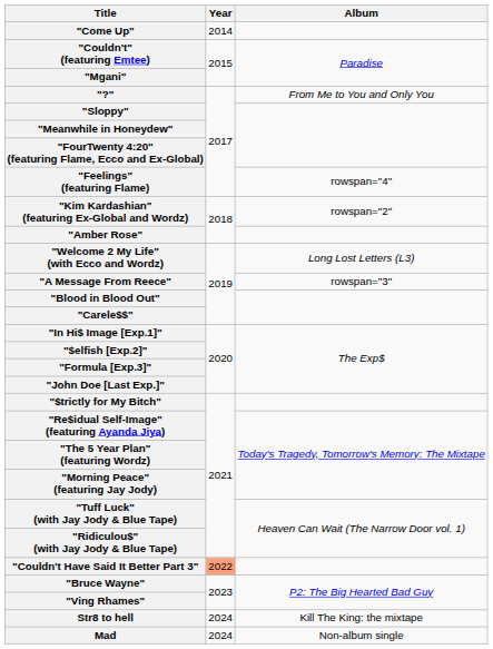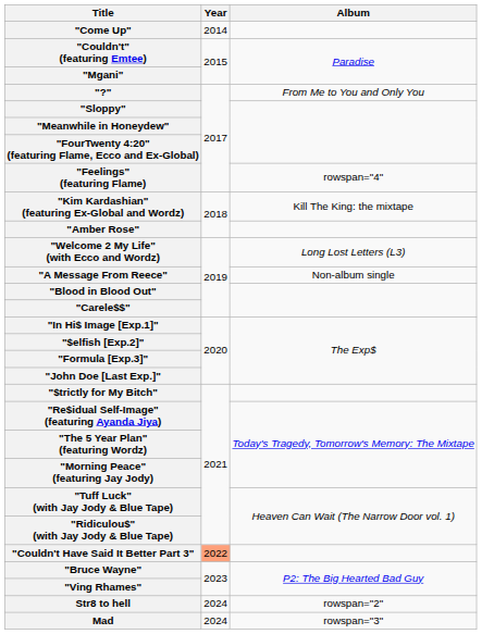 <table class="wikitable plainrowheaders" style="text-align:center;">
 <tr>
 <th scope="col">Title</th>
 <th scope="col">Year</th>
 <th scope="col">Album</th>
 </tr>
 <tr>
 <th scope="row">"Come Up"</th>
 <td>2014</td>
 <td></td>
 </tr>
 <tr>
 <th scope="row">"Couldn't"<br>(featuring <a href='#'>Emtee</a>)</th>
 <td rowspan="2">2015</td>
 <td rowspan="2"><em><a href='#'>Paradise</a></em></td>
 </tr>
 <tr>
 <th scope="row">"Mgani"</th>
 </tr>
 <tr>
 <th scope="row">"?"</th>
 <td rowspan="5">2017</td>
 <td><em>From Me to You and Only You</em></td>
 </tr>
 <tr>
 <th scope="row">"Sloppy"</th>
 </tr>
 <tr>
 <th scope="row">"Meanwhile in Honeydew"</th>
 </tr>
 <tr>
 <th scope="row">"FourTwenty 4:20"<br>(featuring Flame, Ecco and Ex-Global)</th>
 </tr>
 <tr>
 <th scope="row">"Feelings"<br>(featuring Flame)</th>
 <td>rowspan="4" </td>
 </tr>
 <tr>
 <th scope="row">"Kim Kardashian"<br>(featuring Ex-Global and Wordz)</th>
 <td rowspan="2">2018</td>
-<td>rowspan="2" </td>
+<td>Kill The King: the mixtape</td>
 </tr>
 <tr>
 <th scope="row">"Amber Rose"</th>
 </tr>
 <tr>
 <th scope="row">"Welcome 2 My Life"<br>(with Ecco and Wordz)</th>
 <td rowspan="4">2019</td>
 <td><em>Long Lost Letters (L3)</em></td>
 </tr>
 <tr>
 <th scope="row">"A Message From Reece"</th>
-<td>rowspan="3" </td>
+<td>Non-album single</td>
 </tr>
 <tr>
 <th scope="row">"Blood in Blood Out"</th>
 </tr>
 <tr>
 <th scope="row">"Carele$$"</th>
 </tr>
 <tr>
 <th scope="row">"In Hi$ Image [Exp.1]"</th>
 <td rowspan="4">2020</td>
 <td rowspan="4"><em>The Exp$</em></td>
 </tr>
 <tr>
 <th scope="row">"$elfish [Exp.2]"</th>
 </tr>
 <tr>
 <th scope="row">"Formula [Exp.3]"</th>
 </tr>
 <tr>
 <th scope="row">"John Doe [Last Exp.]"</th>
 </tr>
 <tr>
 <th scope="row">"$trictly for My Bitch"</th>
 <td rowspan="6">2021</td>
 <td></td>
 </tr>
 <tr>
 <th scope="row">"Re$idual Self-Image"<br>(featuring <a href='#'>Ayanda Jiya</a>)</th>
 <td rowspan="3"><em><a href='#'>Today's Tragedy, Tomorrow's Memory: The Mixtape</a></em></td>
 </tr>
 <tr>
 <th scope="row">"The 5 Year Plan"<br>(featuring Wordz)</th>
 </tr>
 <tr>
 <th scope="row">"Morning Peace"<br>(featuring Jay Jody)</th>
 </tr>
 <tr>
 <th scope="row">"Tuff Luck"<br>(with Jay Jody & Blue Tape)</th>
 <td rowspan="2"><em>Heaven Can Wait (The Narrow Door vol. 1)</em></td>
 </tr>
 <tr>
 <th scope="row">"Ridiculou$"<br>(with Jay Jody & Blue Tape)</th>
 </tr>
 <tr>
 <th scope="row">"Couldn't Have Said It Better Part 3"</th>
 <td style="background: lightsalmon;">2022</td>
 <td></td>
 </tr>
 <tr>
 <th scope="row">"Bruce Wayne"</th>
 <td rowspan="2">2023</td>
 <td rowspan="2"><em><a href='#'>P2: The Big Hearted Bad Guy</a></em></td>
 </tr>
 <tr>
 <th scope="row">"Ving Rhames"</th>
 </tr>
 <tr>
 <th>Str8 to hell</th>
 <td>2024</td>
-<td>Kill The King: the mixtape</td>
+<td>rowspan="2" </td>
 </tr>
 <tr>
 <th>Mad</th>
 <td>2024</td>
-<td>Non-album single</td>
+<td>rowspan="3" </td>
 </tr>
 </table>
